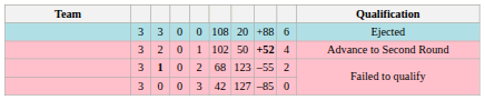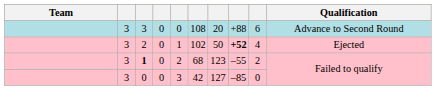 <table class="wikitable" style="text-align:center">
 <tr style="background:#bdb76b;">
 <th style="width:170px">Team</th>
 <th width="20"></th>
 <th width="20"></th>
 <th width="20"></th>
 <th width="20"></th>
 <th width="20"></th>
 <th width="20"></th>
 <th width="20"></th>
 <th width="20"></th>
 <th width="250">Qualification</th>
 </tr>
 <tr style="background: #B0E0E6;">
 <td style="text-align:left;"></td>
 <td>3</td>
 <td>3</td>
 <td>0</td>
 <td>0</td>
 <td>108</td>
 <td>20</td>
 <td>+88</td>
 <td>6</td>
-<td>Ejected</td>
+<td>Advance to Second Round</td>
 </tr>
 <tr style="background:#FFC0CB;">
 <td style="text-align:left;"></td>
 <td>3</td>
 <td>2</td>
 <td>0</td>
 <td>1</td>
 <td>102</td>
 <td>50</td>
 <td><strong>+52</strong></td>
 <td>4</td>
-<td>Advance to Second Round</td>
+<td>Ejected</td>
 </tr>
 <tr style="background:#FFC0CB;">
 <td style="text-align:left;"></td>
 <td>3</td>
 <td><strong>1</strong></td>
 <td>0</td>
 <td>2</td>
 <td>68</td>
 <td>123</td>
 <td>–55</td>
 <td>2</td>
 <td rowspan="3">Failed to qualify</td>
 </tr>
 <tr style="background:#FFC0CB;">
 <td style="text-align:left;"></td>
 <td>3</td>
 <td>0</td>
 <td>0</td>
 <td>3</td>
 <td>42</td>
 <td>127</td>
 <td>–85</td>
 <td>0</td>
 </tr>
 </table>
